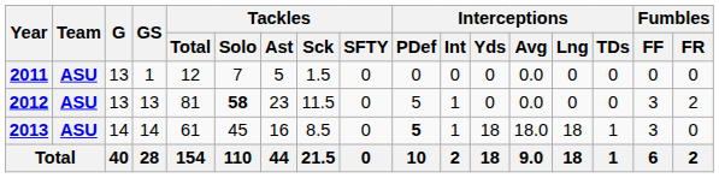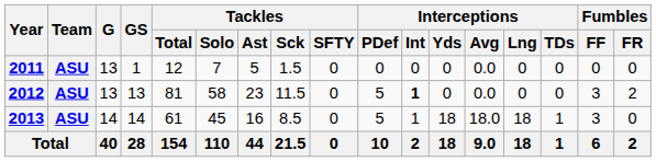 <table class="wikitable" style="text-align: center;">
 <tr>
 <th rowspan=2>Year</th>
 <th rowspan=2>Team</th>
 <th rowspan=2>G</th>
 <th rowspan=2>GS</th>
 <th colspan=5>Tackles</th>
 <th colspan=6>Interceptions</th>
 <th colspan=2>Fumbles</th>
 </tr>
 <tr>
 <th>Total</th>
 <th>Solo</th>
 <th>Ast</th>
 <th>Sck</th>
 <th>SFTY</th>
 <th>PDef</th>
 <th>Int</th>
 <th>Yds</th>
 <th>Avg</th>
 <th>Lng</th>
 <th>TDs</th>
 <th>FF</th>
 <th>FR</th>
 </tr>
 <tr>
 <th><a href='#'>2011</a></th>
 <th><a href='#'>ASU</a></th>
 <td>13</td>
 <td>1</td>
 <td>12</td>
 <td>7</td>
 <td>5</td>
 <td>1.5</td>
 <td>0</td>
 <td>0</td>
 <td>0</td>
 <td>0</td>
 <td>0.0</td>
 <td>0</td>
 <td>0</td>
 <td>0</td>
 <td>0</td>
 </tr>
 <tr>
 <th><a href='#'>2012</a></th>
 <th><a href='#'>ASU</a></th>
 <td>13</td>
 <td>13</td>
 <td>81</td>
-<td><strong>58</strong></td>
+<td>58</td>
 <td>23</td>
 <td>11.5</td>
 <td>0</td>
 <td>5</td>
-<td>1</td>
+<td><strong>1</strong></td>
 <td>0</td>
 <td>0.0</td>
 <td>0</td>
 <td>0</td>
 <td>3</td>
 <td>2</td>
 </tr>
 <tr>
 <th><a href='#'>2013</a></th>
 <th><a href='#'>ASU</a></th>
 <td>14</td>
 <td>14</td>
 <td>61</td>
 <td>45</td>
 <td>16</td>
 <td>8.5</td>
 <td>0</td>
-<td><strong>5</strong></td>
+<td>5</td>
 <td>1</td>
 <td>18</td>
 <td>18.0</td>
 <td>18</td>
 <td>1</td>
 <td>3</td>
 <td>0</td>
 </tr>
 <tr>
 <th colspan=2>Total</th>
 <th>40</th>
 <th>28</th>
 <th>154</th>
 <th>110</th>
 <th>44</th>
 <th>21.5</th>
 <th>0</th>
 <th>10</th>
 <th>2</th>
 <th>18</th>
 <th>9.0</th>
 <th>18</th>
 <th>1</th>
 <th>6</th>
 <th>2</th>
 </tr>
 </table>
